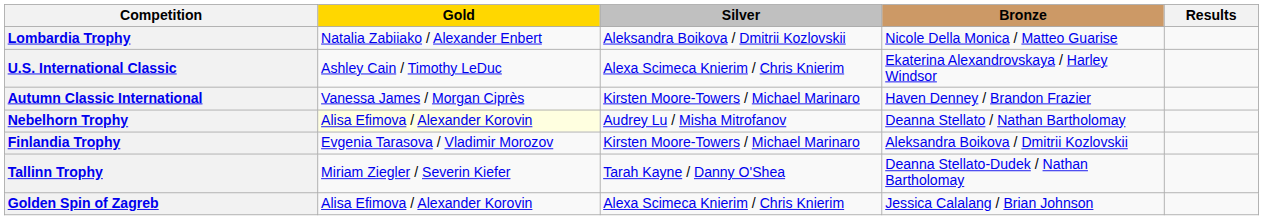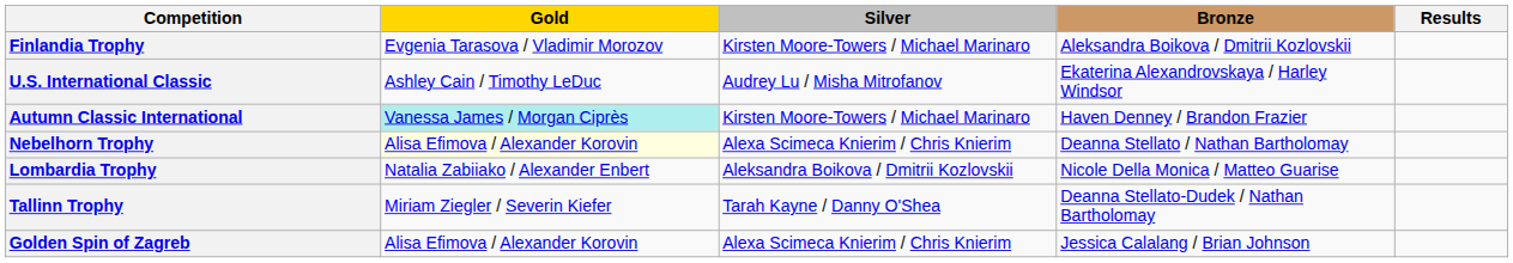 <table class="wikitable unsortable" style="text-align:left; width:90%;">
 <tr>
 <th scope="col" style="text-align:center; width:25%;">Competition</th>
 <td scope="col" style="text-align:center; width:22.5%; background:gold"><strong>Gold</strong></td>
 <td scope="col" style="text-align:center; width:22.5%; background:silver"><strong>Silver</strong></td>
 <td scope="col" style="text-align:center; width:22.5%; background:#c96"><strong>Bronze</strong></td>
 <th scope="col" style="text-align:center; width:7.5%;">Results</th>
 </tr>
 <tr>
-<th scope="row" style="text-align:left"> <a href='#'>Lombardia Trophy</a></th>
-<td> <a href='#'>Natalia Zabiiako</a> / <a href='#'>Alexander Enbert</a></td>
+<th scope="row" style="text-align:left"> <a href='#'>Finlandia Trophy</a></th>
+<td> <a href='#'>Evgenia Tarasova</a> / <a href='#'>Vladimir Morozov</a></td>
+<td> <a href='#'>Kirsten Moore-Towers</a> / <a href='#'>Michael Marinaro</a></td>
 <td> <a href='#'>Aleksandra Boikova</a> / <a href='#'>Dmitrii Kozlovskii</a></td>
-<td> <a href='#'>Nicole Della Monica</a> / <a href='#'>Matteo Guarise</a></td>
 <td></td>
 </tr>
 <tr>
 <th scope="row" style="text-align:left"> <a href='#'>U.S. International Classic</a></th>
 <td> <a href='#'>Ashley Cain</a> / <a href='#'>Timothy LeDuc</a></td>
-<td> <a href='#'>Alexa Scimeca Knierim</a> / <a href='#'>Chris Knierim</a></td>
+<td> <a href='#'>Audrey Lu</a> / <a href='#'>Misha Mitrofanov</a></td>
 <td> <a href='#'>Ekaterina Alexandrovskaya</a> / <a href='#'>Harley Windsor</a></td>
 <td></td>
 </tr>
 <tr>
 <th scope="row" style="text-align:left"> <a href='#'>Autumn Classic International</a></th>
-<td> <a href='#'>Vanessa James</a> / <a href='#'>Morgan Ciprès</a></td>
+<td style="background: paleturquoise;"> <a href='#'>Vanessa James</a> / <a href='#'>Morgan Ciprès</a></td>
 <td> <a href='#'>Kirsten Moore-Towers</a> / <a href='#'>Michael Marinaro</a></td>
 <td> <a href='#'>Haven Denney</a> / <a href='#'>Brandon Frazier</a></td>
 <td></td>
 </tr>
 <tr>
 <th scope="row" style="text-align:left"> <a href='#'>Nebelhorn Trophy</a></th>
 <td style="background: lightyellow;"> <a href='#'>Alisa Efimova</a> / <a href='#'>Alexander Korovin</a></td>
-<td> <a href='#'>Audrey Lu</a> / <a href='#'>Misha Mitrofanov</a></td>
+<td> <a href='#'>Alexa Scimeca Knierim</a> / <a href='#'>Chris Knierim</a></td>
 <td> <a href='#'>Deanna Stellato</a> / <a href='#'>Nathan Bartholomay</a></td>
 <td></td>
 </tr>
 <tr>
-<th scope="row" style="text-align:left"> <a href='#'>Finlandia Trophy</a></th>
-<td> <a href='#'>Evgenia Tarasova</a> / <a href='#'>Vladimir Morozov</a></td>
-<td> <a href='#'>Kirsten Moore-Towers</a> / <a href='#'>Michael Marinaro</a></td>
+<th scope="row" style="text-align:left"> <a href='#'>Lombardia Trophy</a></th>
+<td> <a href='#'>Natalia Zabiiako</a> / <a href='#'>Alexander Enbert</a></td>
 <td> <a href='#'>Aleksandra Boikova</a> / <a href='#'>Dmitrii Kozlovskii</a></td>
+<td> <a href='#'>Nicole Della Monica</a> / <a href='#'>Matteo Guarise</a></td>
 <td></td>
 </tr>
 <tr>
 <th scope="row" style="text-align:left"> <a href='#'>Tallinn Trophy</a></th>
 <td> <a href='#'>Miriam Ziegler</a> / <a href='#'>Severin Kiefer</a></td>
 <td> <a href='#'>Tarah Kayne</a> / <a href='#'>Danny O'Shea</a></td>
 <td> <a href='#'>Deanna Stellato-Dudek</a> / <a href='#'>Nathan Bartholomay</a></td>
 <td></td>
 </tr>
 <tr>
 <th scope="row" style="text-align:left"> <a href='#'>Golden Spin of Zagreb</a></th>
 <td> <a href='#'>Alisa Efimova</a> / <a href='#'>Alexander Korovin</a></td>
 <td> <a href='#'>Alexa Scimeca Knierim</a> / <a href='#'>Chris Knierim</a></td>
 <td> <a href='#'>Jessica Calalang</a> / <a href='#'>Brian Johnson</a></td>
 <td></td>
 </tr>
 </table>
